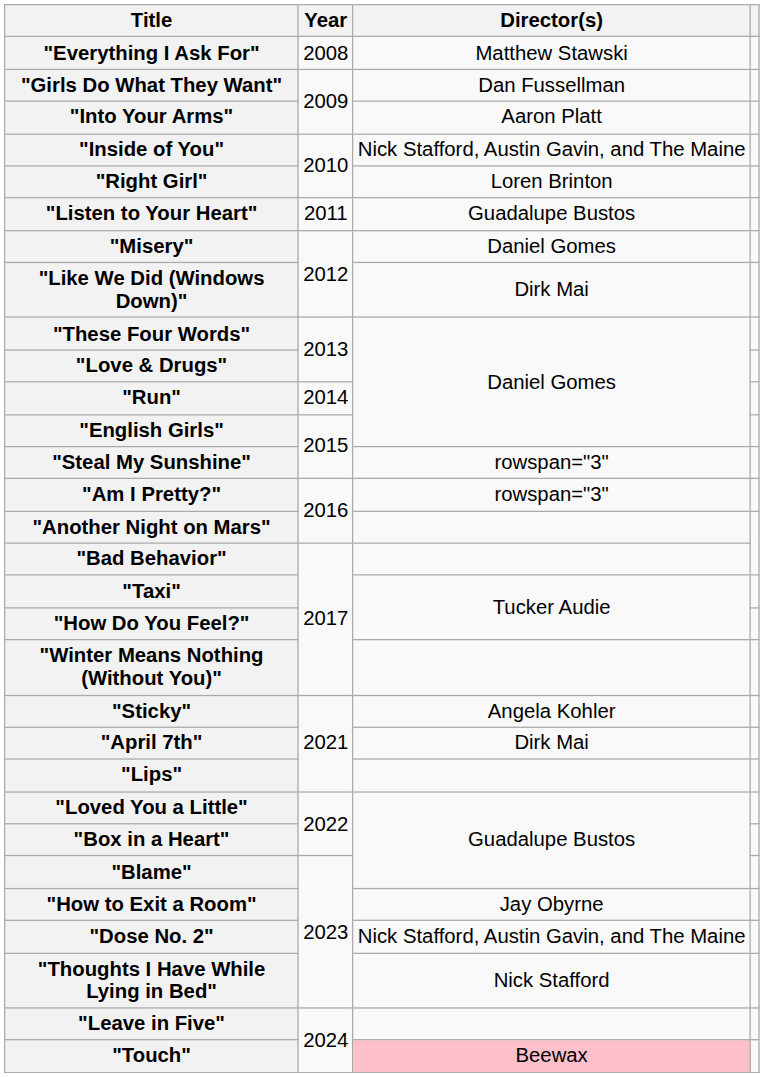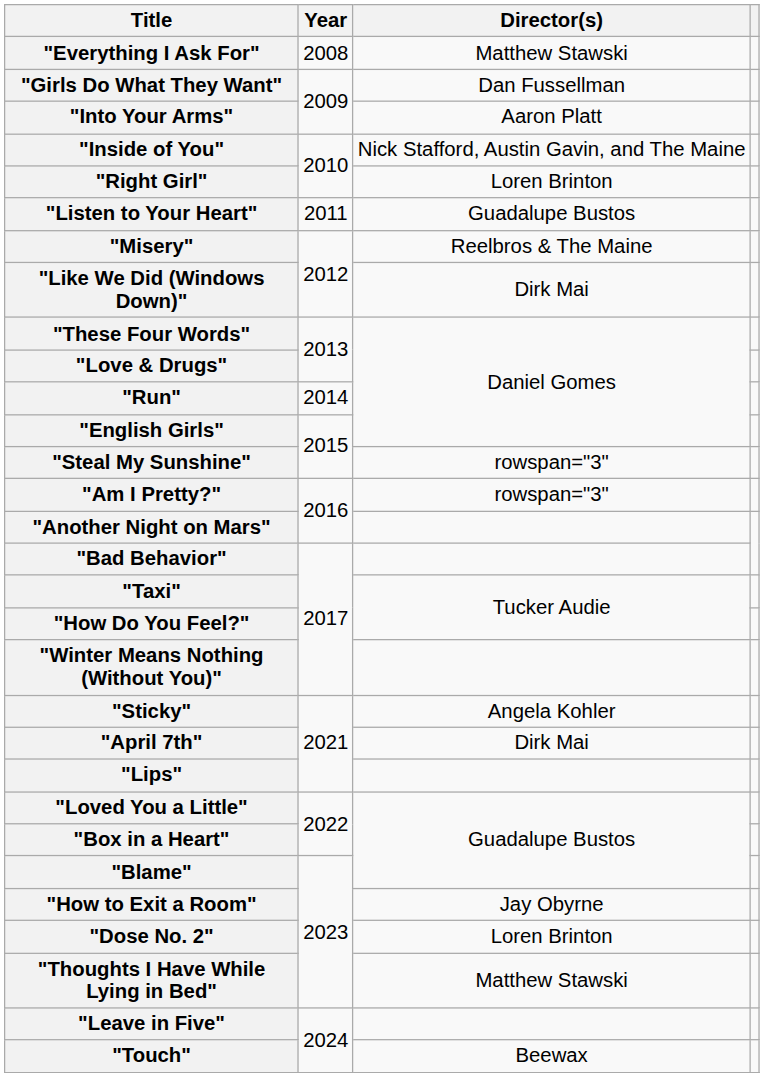 <table class="wikitable plainrowheaders" style="text-align:center;">
 <tr>
 <th scope="col" style="width:14em;">Title</th>
 <th scope="col">Year</th>
 <th scope="col">Director(s)</th>
 <th scope="col"></th>
 </tr>
 <tr>
 <th scope="row">"Everything I Ask For"</th>
 <td>2008</td>
 <td>Matthew Stawski</td>
 <td></td>
 </tr>
 <tr>
 <th scope="row">"Girls Do What They Want"</th>
 <td rowspan="2">2009</td>
 <td>Dan Fussellman</td>
 <td></td>
 </tr>
 <tr>
 <th scope="row">"Into Your Arms"</th>
 <td>Aaron Platt</td>
 <td></td>
 </tr>
 <tr>
 <th scope="row">"Inside of You"</th>
 <td rowspan="2">2010</td>
 <td>Nick Stafford, Austin Gavin, and The Maine</td>
 <td></td>
 </tr>
 <tr>
 <th scope="row">"Right Girl"</th>
 <td>Loren Brinton</td>
 <td></td>
 </tr>
 <tr>
 <th scope="row">"Listen to Your Heart"</th>
 <td>2011</td>
 <td>Guadalupe Bustos</td>
 <td></td>
 </tr>
 <tr>
 <th scope="row">"Misery"</th>
 <td rowspan="2">2012</td>
-<td>Daniel Gomes</td>
+<td>Reelbros & The Maine</td>
 <td></td>
 </tr>
 <tr>
 <th scope="row">"Like We Did (Windows Down)"</th>
 <td>Dirk Mai</td>
 <td></td>
 </tr>
 <tr>
 <th scope="row">"These Four Words"</th>
 <td rowspan="2">2013</td>
 <td rowspan="4">Daniel Gomes</td>
 <td></td>
 </tr>
 <tr>
 <th scope="row">"Love & Drugs"</th>
 <td></td>
 </tr>
 <tr>
 <th scope="row">"Run"</th>
 <td>2014</td>
 <td></td>
 </tr>
 <tr>
 <th scope="row">"English Girls"</th>
 <td rowspan="2">2015</td>
 <td></td>
 </tr>
 <tr>
 <th scope="row">"Steal My Sunshine"</th>
 <td>rowspan="3" </td>
 <td></td>
 </tr>
 <tr>
 <th scope="row">"Am I Pretty?"</th>
 <td rowspan="2">2016</td>
 <td>rowspan="3" </td>
 <td></td>
 </tr>
 <tr>
 <th scope="row">"Another Night on Mars"</th>
 <td></td>
 </tr>
 <tr>
 <th scope="row">"Bad Behavior"</th>
 <td rowspan="4">2017</td>
 <td></td>
 </tr>
 <tr>
 <th scope="row">"Taxi"</th>
 <td rowspan="2">Tucker Audie</td>
 <td></td>
 </tr>
 <tr>
 <th scope="row">"How Do You Feel?"</th>
 <td></td>
 </tr>
 <tr>
 <th scope="row">"Winter Means Nothing (Without You)"</th>
 <td></td>
 <td></td>
 </tr>
 <tr>
 <th scope="row">"Sticky"</th>
 <td rowspan="3">2021</td>
 <td>Angela Kohler</td>
 <td></td>
 </tr>
 <tr>
 <th scope="row">"April 7th"</th>
 <td>Dirk Mai</td>
 <td></td>
 </tr>
 <tr>
 <th scope="row">"Lips"</th>
 <td></td>
 <td></td>
 </tr>
 <tr>
 <th scope="row">"Loved You a Little"</th>
 <td rowspan="2">2022</td>
 <td rowspan="3">Guadalupe Bustos</td>
 <td></td>
 </tr>
 <tr>
 <th scope="row">"Box in a Heart"</th>
 <td></td>
 </tr>
 <tr>
 <th scope="row">"Blame"</th>
 <td rowspan="4">2023</td>
 <td></td>
 </tr>
 <tr>
 <th scope="row">"How to Exit a Room"</th>
 <td>Jay Obyrne</td>
 <td></td>
 </tr>
 <tr>
 <th scope="row">"Dose No. 2"</th>
-<td>Nick Stafford, Austin Gavin, and The Maine</td>
+<td>Loren Brinton</td>
 <td></td>
 </tr>
 <tr>
 <th scope="row">"Thoughts I Have While Lying in Bed"</th>
-<td>Nick Stafford</td>
+<td>Matthew Stawski</td>
 <td></td>
 </tr>
 <tr>
 <th scope="row">"Leave in Five"</th>
 <td rowspan="2">2024</td>
 <td></td>
 <td></td>
 </tr>
 <tr>
 <th scope="row">"Touch"</th>
-<td style="background: pink;">Beewax</td>
+<td>Beewax</td>
 <td></td>
 </tr>
 <tr>
 </tr>
 </table>
